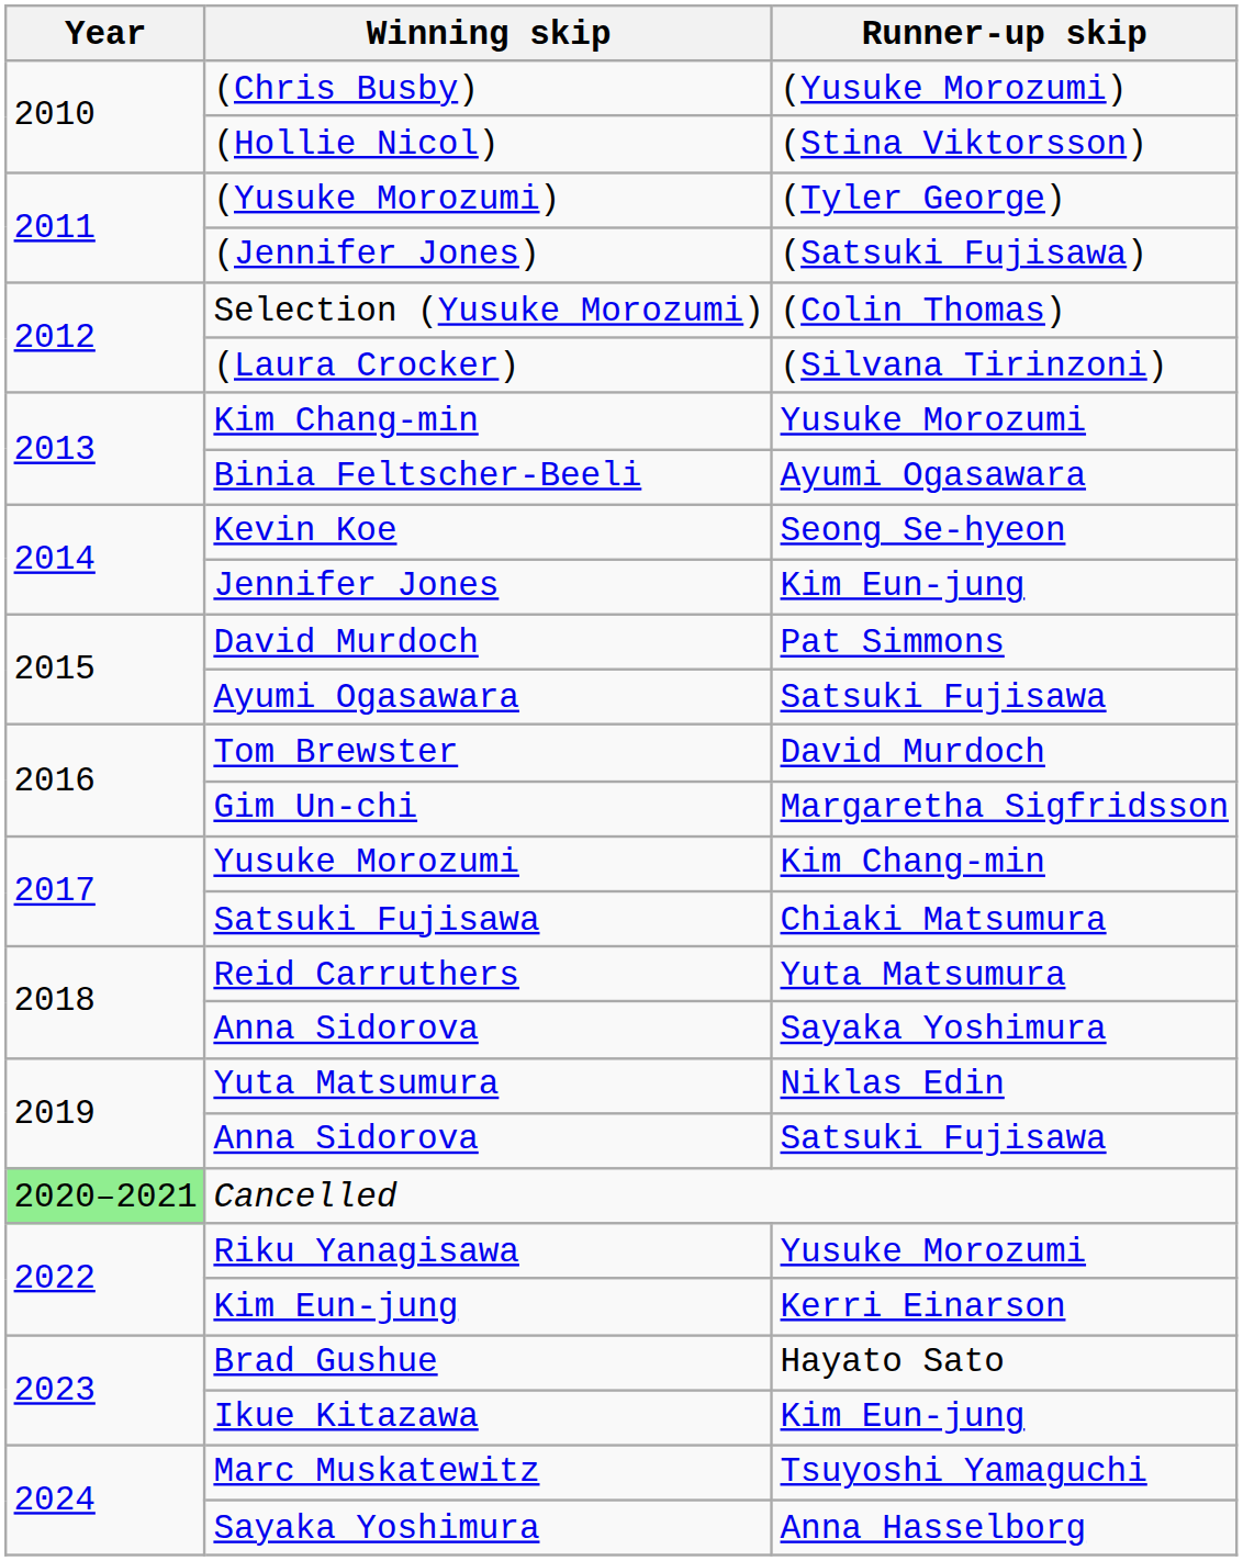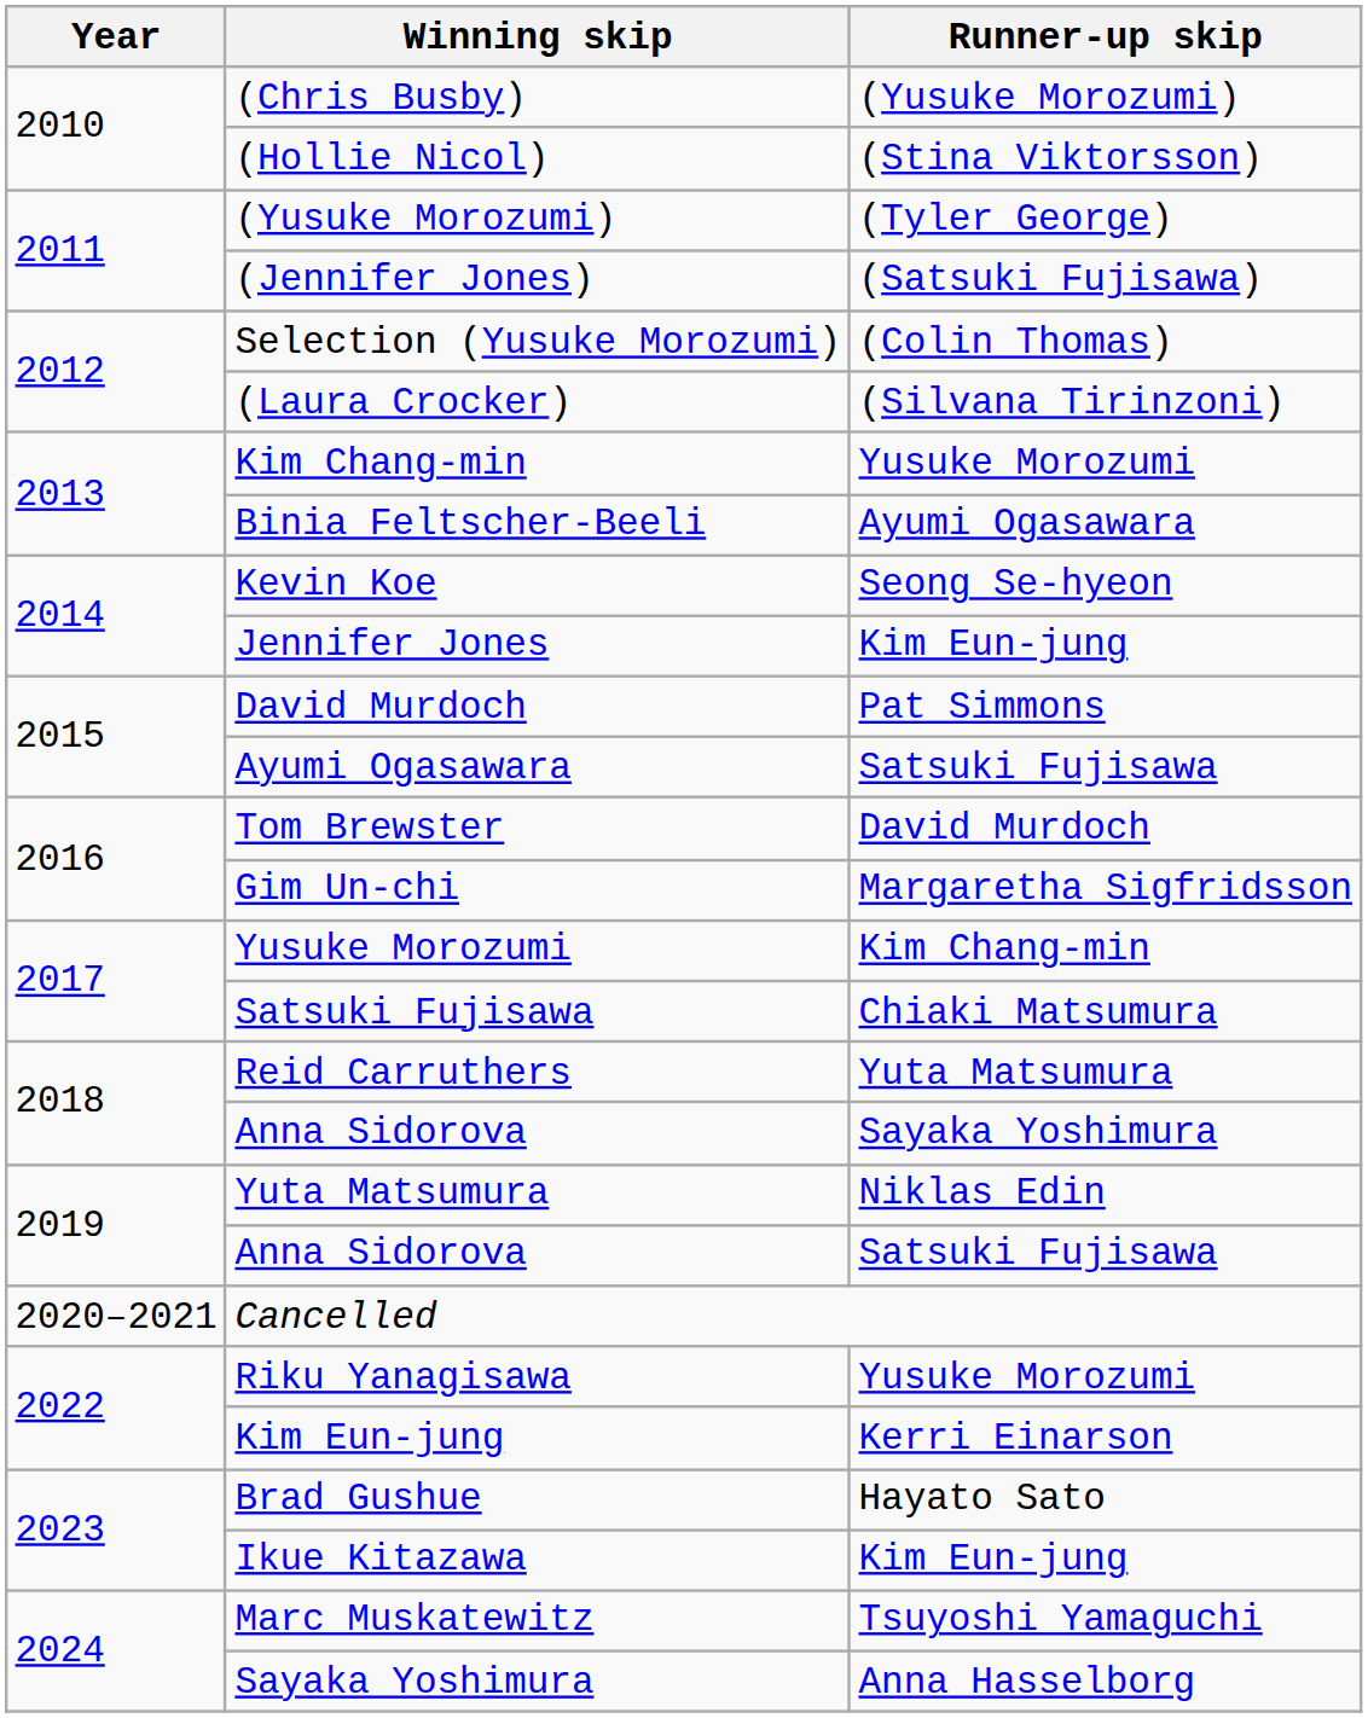 <table class="wikitable">
 <tr>
 <th scope="col">Year</th>
 <th scope="col">Winning skip</th>
 <th scope="col">Runner-up skip</th>
 </tr>
 <tr>
 <td rowspan=2>2010</td>
 <td> (<a href='#'>Chris Busby</a>)</td>
 <td> (<a href='#'>Yusuke Morozumi</a>)</td>
 </tr>
 <tr>
 <td> (<a href='#'>Hollie Nicol</a>)</td>
 <td> (<a href='#'>Stina Viktorsson</a>)</td>
 </tr>
 <tr>
 <td rowspan=2><a href='#'>2011</a></td>
 <td> (<a href='#'>Yusuke Morozumi</a>)</td>
 <td> (<a href='#'>Tyler George</a>)</td>
 </tr>
 <tr>
 <td> (<a href='#'>Jennifer Jones</a>)</td>
 <td> (<a href='#'>Satsuki Fujisawa</a>)</td>
 </tr>
 <tr>
 <td rowspan=2><a href='#'>2012</a></td>
 <td> Selection (<a href='#'>Yusuke Morozumi</a>)</td>
 <td> (<a href='#'>Colin Thomas</a>)</td>
 </tr>
 <tr>
 <td> (<a href='#'>Laura Crocker</a>)</td>
 <td> (<a href='#'>Silvana Tirinzoni</a>)</td>
 </tr>
 <tr>
 <td rowspan=2><a href='#'>2013</a></td>
 <td> <a href='#'>Kim Chang-min</a></td>
 <td> <a href='#'>Yusuke Morozumi</a></td>
 </tr>
 <tr>
 <td> <a href='#'>Binia Feltscher-Beeli</a></td>
 <td> <a href='#'>Ayumi Ogasawara</a></td>
 </tr>
 <tr>
 <td rowspan=2><a href='#'>2014</a></td>
 <td> <a href='#'>Kevin Koe</a></td>
 <td> <a href='#'>Seong Se-hyeon</a></td>
 </tr>
 <tr>
 <td> <a href='#'>Jennifer Jones</a></td>
 <td> <a href='#'>Kim Eun-jung</a></td>
 </tr>
 <tr>
 <td rowspan=2>2015</td>
 <td> <a href='#'>David Murdoch</a></td>
 <td> <a href='#'>Pat Simmons</a></td>
 </tr>
 <tr>
 <td> <a href='#'>Ayumi Ogasawara</a></td>
 <td> <a href='#'>Satsuki Fujisawa</a></td>
 </tr>
 <tr>
 <td rowspan=2>2016</td>
 <td> <a href='#'>Tom Brewster</a></td>
 <td> <a href='#'>David Murdoch</a></td>
 </tr>
 <tr>
 <td> <a href='#'>Gim Un-chi</a></td>
 <td> <a href='#'>Margaretha Sigfridsson</a></td>
 </tr>
 <tr>
 <td rowspan=2><a href='#'>2017</a></td>
 <td> <a href='#'>Yusuke Morozumi</a></td>
 <td> <a href='#'>Kim Chang-min</a></td>
 </tr>
 <tr>
 <td> <a href='#'>Satsuki Fujisawa</a></td>
 <td> <a href='#'>Chiaki Matsumura</a></td>
 </tr>
 <tr>
 <td rowspan=2>2018</td>
 <td> <a href='#'>Reid Carruthers</a></td>
 <td> <a href='#'>Yuta Matsumura</a></td>
 </tr>
 <tr>
 <td> <a href='#'>Anna Sidorova</a></td>
 <td> <a href='#'>Sayaka Yoshimura</a></td>
 </tr>
 <tr>
 <td rowspan=2>2019</td>
 <td> <a href='#'>Yuta Matsumura</a></td>
 <td> <a href='#'>Niklas Edin</a></td>
 </tr>
 <tr>
 <td> <a href='#'>Anna Sidorova</a></td>
 <td> <a href='#'>Satsuki Fujisawa</a></td>
 </tr>
 <tr>
-<td style="background: lightgreen;">2020–2021</td>
+<td>2020–2021</td>
 <td colspan="2"><em>Cancelled</em></td>
 </tr>
 <tr>
 <td rowspan=2><a href='#'>2022</a></td>
 <td> <a href='#'>Riku Yanagisawa</a></td>
 <td> <a href='#'>Yusuke Morozumi</a></td>
 </tr>
 <tr>
 <td> <a href='#'>Kim Eun-jung</a></td>
 <td> <a href='#'>Kerri Einarson</a></td>
 </tr>
 <tr>
 <td rowspan=2><a href='#'>2023</a></td>
 <td> <a href='#'>Brad Gushue</a></td>
 <td> Hayato Sato</td>
 </tr>
 <tr>
 <td> <a href='#'>Ikue Kitazawa</a></td>
 <td> <a href='#'>Kim Eun-jung</a></td>
 </tr>
 <tr>
 <td rowspan=2><a href='#'>2024</a></td>
 <td> <a href='#'>Marc Muskatewitz</a></td>
 <td> <a href='#'>Tsuyoshi Yamaguchi</a></td>
 </tr>
 <tr>
 <td> <a href='#'>Sayaka Yoshimura</a></td>
 <td> <a href='#'>Anna Hasselborg</a></td>
 </tr>
 </table>
